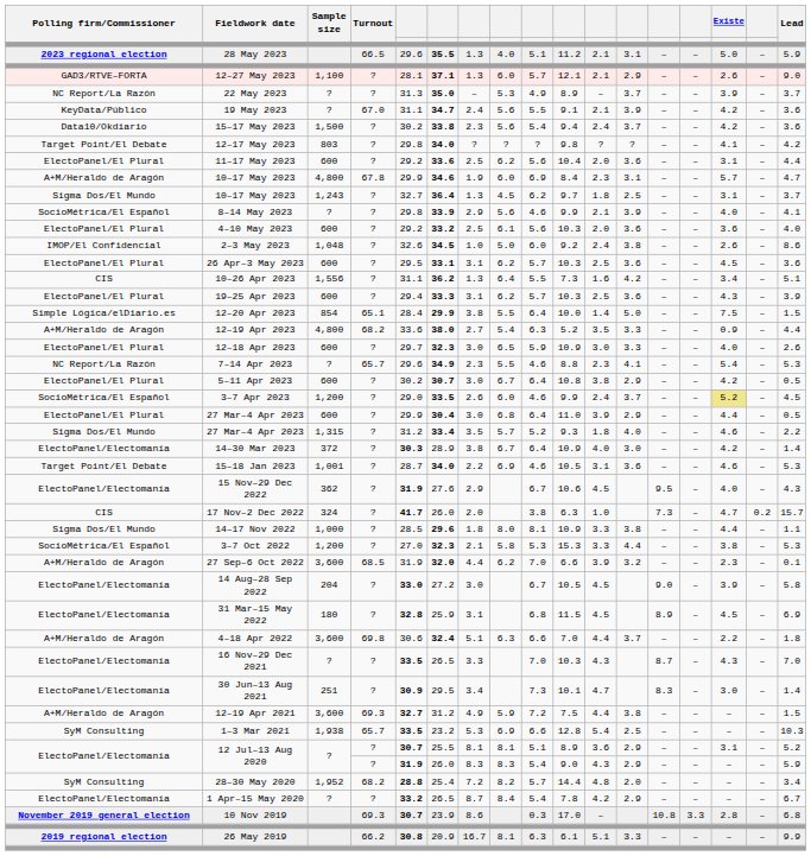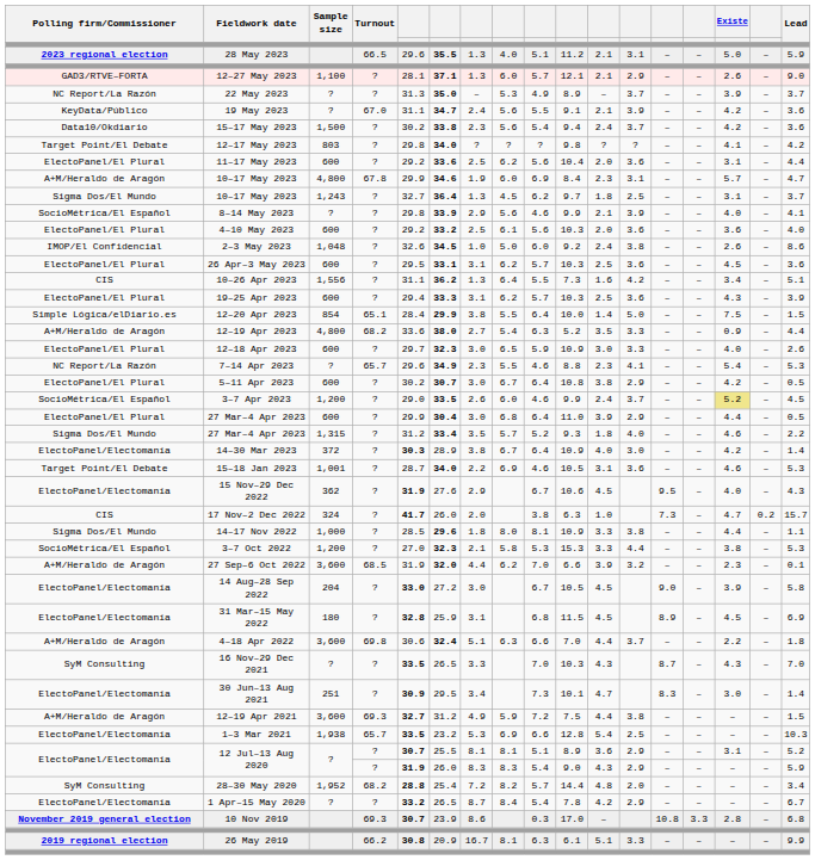 <table class="wikitable collapsible collapsed" style="text-align:center; font-size:95%; line-height:16px;">
 <tr style="height:42px;">
 <th style="width:250px;" rowspan="2">Polling firm/Commissioner</th>
 <th style="width:130px;" rowspan="2">Fieldwork date</th>
 <th style="width:50px;" rowspan="2">Sample size</th>
 <th style="width:45px;" rowspan="2">Turnout</th>
 <th style="width:35px;"></th>
 <th style="width:35px;"></th>
 <th style="width:35px;"></th>
 <th style="width:35px;"></th>
 <th style="width:35px;"></th>
 <th style="width:35px;"></th>
 <th style="width:35px;"></th>
 <th style="width:35px;"></th>
 <th style="width:35px;"></th>
 <th style="width:35px;"></th>
 <th style="width:35px; font-size:90%;"><a href='#'>Existe</a></th>
 <th style="width:35px;"></th>
 <th style="width:30px;" rowspan="2">Lead</th>
 </tr>
 <tr>
 <th style="color:inherit;background:"></th>
 <th style="color:inherit;background:"></th>
 <th style="color:inherit;background:"></th>
 <th style="color:inherit;background:"></th>
 <th style="color:inherit;background:"></th>
 <th style="color:inherit;background:"></th>
 <th style="color:inherit;background:"></th>
 <th style="color:inherit;background:"></th>
 <th style="color:inherit;background:"></th>
 <th style="color:inherit;background:"></th>
 <th style="color:inherit;background:"></th>
 <th style="color:inherit;background:"></th>
 </tr>
 <tr>
 <td colspan="17" style="background:#A0A0A0"></td>
 </tr>
 <tr style="background:#EFEFEF;">
 <td><strong><a href='#'>2023 regional election</a></strong></td>
 <td>28 May 2023</td>
 <td></td>
 <td>66.5</td>
 <td>29.6<br></td>
 <td><strong>35.5</strong><br></td>
 <td>1.3<br></td>
 <td>4.0<br></td>
 <td>5.1<br></td>
 <td>11.2<br></td>
 <td>2.1<br></td>
 <td>3.1<br></td>
 <td>–</td>
 <td>–</td>
 <td>5.0<br></td>
 <td>–</td>
 <td style="background:">5.9</td>
 </tr>
 <tr>
 <td colspan="17" style="background:#A0A0A0"></td>
 </tr>
 <tr style="background:#FFEAEA;">
 <td>GAD3/RTVE–FORTA</td>
 <td>12–27 May 2023</td>
 <td>1,100</td>
 <td>?</td>
 <td>28.1<br></td>
 <td><strong>37.1</strong><br></td>
 <td>1.3<br></td>
 <td>6.0<br></td>
 <td>5.7<br></td>
 <td>12.1<br></td>
 <td>2.1<br></td>
 <td>2.9<br></td>
 <td>–</td>
 <td>–</td>
 <td>2.6<br></td>
 <td>–</td>
 <td style="background:">9.0</td>
 </tr>
 <tr>
 <td>NC Report/La Razón</td>
 <td>22 May 2023</td>
 <td>?</td>
 <td>?</td>
 <td>31.3<br></td>
 <td><strong>35.0</strong><br></td>
 <td>–</td>
 <td>5.3<br></td>
 <td>4.9<br></td>
 <td>8.9<br></td>
 <td>–</td>
 <td>3.7<br></td>
 <td>–</td>
 <td>–</td>
 <td>3.9<br></td>
 <td>–</td>
 <td style="background:">3.7</td>
 </tr>
 <tr>
 <td>KeyData/Público</td>
 <td>19 May 2023</td>
 <td>?</td>
 <td>67.0</td>
 <td>31.1<br></td>
 <td><strong>34.7</strong><br></td>
 <td>2.4<br></td>
 <td>5.6<br></td>
 <td>5.5<br></td>
 <td>9.1<br></td>
 <td>2.1<br></td>
 <td>3.9<br></td>
 <td>–</td>
 <td>–</td>
 <td>4.2<br></td>
 <td>–</td>
 <td style="background:">3.6</td>
 </tr>
 <tr>
 <td>Data10/Okdiario</td>
 <td>15–17 May 2023</td>
 <td>1,500</td>
 <td>?</td>
 <td>30.2<br></td>
 <td><strong>33.8</strong><br></td>
 <td>2.3<br></td>
 <td>5.6<br></td>
 <td>5.4<br></td>
 <td>9.4<br></td>
 <td>2.4<br></td>
 <td>3.7<br></td>
 <td>–</td>
 <td>–</td>
 <td>4.2<br></td>
 <td>–</td>
 <td style="background:">3.6</td>
 </tr>
 <tr>
 <td>Target Point/El Debate</td>
 <td>12–17 May 2023</td>
 <td>803</td>
 <td>?</td>
 <td>29.8<br></td>
 <td><strong>34.0</strong><br></td>
 <td>?<br></td>
 <td>?<br></td>
 <td>?<br></td>
 <td>9.8<br></td>
 <td>?<br></td>
 <td>?<br></td>
 <td>–</td>
 <td>–</td>
 <td>4.1<br></td>
 <td>–</td>
 <td style="background:">4.2</td>
 </tr>
 <tr>
 <td>ElectoPanel/El Plural</td>
 <td>11–17 May 2023</td>
 <td>600</td>
 <td>?</td>
 <td>29.2<br></td>
 <td><strong>33.6</strong><br></td>
 <td>2.5<br></td>
 <td>6.2<br></td>
 <td>5.6<br></td>
 <td>10.4<br></td>
 <td>2.0<br></td>
 <td>3.6<br></td>
 <td>–</td>
 <td>–</td>
 <td>3.1<br></td>
 <td>–</td>
 <td style="background:">4.4</td>
 </tr>
 <tr>
 <td>A+M/Heraldo de Aragón</td>
 <td>10–17 May 2023</td>
 <td>4,800</td>
 <td>67.8</td>
 <td>29.9<br></td>
 <td><strong>34.6</strong><br></td>
 <td>1.9<br></td>
 <td>6.0<br></td>
 <td>6.9<br></td>
 <td>8.4<br></td>
 <td>2.3<br></td>
 <td>3.1<br></td>
 <td>–</td>
 <td>–</td>
 <td>5.7<br></td>
 <td>–</td>
 <td style="background:">4.7</td>
 </tr>
 <tr>
 <td>Sigma Dos/El Mundo</td>
 <td>10–17 May 2023</td>
 <td>1,243</td>
 <td>?</td>
 <td>32.7<br></td>
 <td><strong>36.4</strong><br></td>
 <td>1.3<br></td>
 <td>4.5<br></td>
 <td>6.2<br></td>
 <td>9.7<br></td>
 <td>1.8<br></td>
 <td>2.5<br></td>
 <td>–</td>
 <td>–</td>
 <td>3.1<br></td>
 <td>–</td>
 <td style="background:">3.7</td>
 </tr>
 <tr>
 <td>SocioMétrica/El Español</td>
 <td>8–14 May 2023</td>
 <td>?</td>
 <td>?</td>
 <td>29.8<br></td>
 <td><strong>33.9</strong><br></td>
 <td>2.9<br></td>
 <td>5.6<br></td>
 <td>4.6<br></td>
 <td>9.9<br></td>
 <td>2.1<br></td>
 <td>3.9<br></td>
 <td>–</td>
 <td>–</td>
 <td>4.0<br></td>
 <td>–</td>
 <td style="background:">4.1</td>
 </tr>
 <tr>
 <td>ElectoPanel/El Plural</td>
 <td>4–10 May 2023</td>
 <td>600</td>
 <td>?</td>
 <td>29.2<br></td>
 <td><strong>33.2</strong><br></td>
 <td>2.5<br></td>
 <td>6.1<br></td>
 <td>5.6<br></td>
 <td>10.3<br></td>
 <td>2.0<br></td>
 <td>3.6<br></td>
 <td>–</td>
 <td>–</td>
 <td>3.6<br></td>
 <td>–</td>
 <td style="background:">4.0</td>
 </tr>
 <tr>
 <td>IMOP/El Confidencial</td>
 <td>2–3 May 2023</td>
 <td>1,048</td>
 <td>?</td>
 <td>32.6<br></td>
 <td><strong>34.5</strong><br></td>
 <td>1.0<br></td>
 <td>5.0<br></td>
 <td>6.0<br></td>
 <td>9.2<br></td>
 <td>2.4<br></td>
 <td>3.8<br></td>
 <td>–</td>
 <td>–</td>
 <td>2.6<br></td>
 <td>–</td>
 <td style="background:">8.6</td>
 </tr>
 <tr>
 <td>ElectoPanel/El Plural</td>
 <td>26 Apr–3 May 2023</td>
 <td>600</td>
 <td>?</td>
 <td>29.5<br></td>
 <td><strong>33.1</strong><br></td>
 <td>3.1<br></td>
 <td>6.2<br></td>
 <td>5.7<br></td>
 <td>10.3<br></td>
 <td>2.5<br></td>
 <td>3.6<br></td>
 <td>–</td>
 <td>–</td>
 <td>4.5<br></td>
 <td>–</td>
 <td style="background:">3.6</td>
 </tr>
 <tr>
 <td>CIS</td>
 <td>10–26 Apr 2023</td>
 <td>1,556</td>
 <td>?</td>
 <td>31.1<br></td>
 <td><strong>36.2</strong><br></td>
 <td>1.3<br></td>
 <td>6.4<br></td>
 <td>5.5<br></td>
 <td>7.3<br></td>
 <td>1.6<br></td>
 <td>4.2<br></td>
 <td>–</td>
 <td>–</td>
 <td>3.4<br></td>
 <td>–</td>
 <td style="background:">5.1</td>
 </tr>
 <tr>
 <td>ElectoPanel/El Plural</td>
 <td>19–25 Apr 2023</td>
 <td>600</td>
 <td>?</td>
 <td>29.4<br></td>
 <td><strong>33.3</strong><br></td>
 <td>3.1<br></td>
 <td>6.2<br></td>
 <td>5.7<br></td>
 <td>10.3<br></td>
 <td>2.5<br></td>
 <td>3.6<br></td>
 <td>–</td>
 <td>–</td>
 <td>4.3<br></td>
 <td>–</td>
 <td style="background:">3.9</td>
 </tr>
 <tr>
 <td>Simple Lógica/elDiario.es</td>
 <td>12–20 Apr 2023</td>
 <td>854</td>
 <td>65.1</td>
 <td>28.4<br></td>
 <td><strong>29.9</strong><br></td>
 <td>3.8<br></td>
 <td>5.5<br></td>
 <td>6.4<br></td>
 <td>10.0<br></td>
 <td>1.4<br></td>
 <td>5.0<br></td>
 <td>–</td>
 <td>–</td>
 <td>7.5<br></td>
 <td>–</td>
 <td style="background:">1.5</td>
 </tr>
 <tr>
 <td>A+M/Heraldo de Aragón</td>
 <td>12–19 Apr 2023</td>
 <td>4,800</td>
 <td>68.2</td>
 <td>33.6<br></td>
 <td><strong>38.0</strong><br></td>
 <td>2.7<br></td>
 <td>5.4<br></td>
 <td>6.3<br></td>
 <td>5.2<br></td>
 <td>3.5<br></td>
 <td>3.3<br></td>
 <td>–</td>
 <td>–</td>
 <td>0.9<br></td>
 <td>–</td>
 <td style="background:">4.4</td>
 </tr>
 <tr>
 <td>ElectoPanel/El Plural</td>
 <td>12–18 Apr 2023</td>
 <td>600</td>
 <td>?</td>
 <td>29.7<br></td>
 <td><strong>32.3</strong><br></td>
 <td>3.0<br></td>
 <td>6.5<br></td>
 <td>5.9<br></td>
 <td>10.9<br></td>
 <td>3.0<br></td>
 <td>3.3<br></td>
 <td>–</td>
 <td>–</td>
 <td>4.0<br></td>
 <td>–</td>
 <td style="background:">2.6</td>
 </tr>
 <tr>
 <td>NC Report/La Razón</td>
 <td>7–14 Apr 2023</td>
 <td>?</td>
 <td>65.7</td>
 <td>29.6<br></td>
 <td><strong>34.9</strong><br></td>
 <td>2.3<br></td>
 <td>5.5<br></td>
 <td>4.6<br></td>
 <td>8.8<br></td>
 <td>2.3<br></td>
 <td>4.1<br></td>
 <td>–</td>
 <td>–</td>
 <td>5.4<br></td>
 <td>–</td>
 <td style="background:">5.3</td>
 </tr>
 <tr>
 <td>ElectoPanel/El Plural</td>
 <td>5–11 Apr 2023</td>
 <td>600</td>
 <td>?</td>
 <td>30.2<br></td>
 <td><strong>30.7</strong><br></td>
 <td>3.0<br></td>
 <td>6.7<br></td>
 <td>6.4<br></td>
 <td>10.8<br></td>
 <td>3.8<br></td>
 <td>2.9<br></td>
 <td>–</td>
 <td>–</td>
 <td>4.2<br></td>
 <td>–</td>
 <td style="background:">0.5</td>
 </tr>
 <tr>
 <td>SocioMétrica/El Español</td>
 <td>3–7 Apr 2023</td>
 <td>1,200</td>
 <td>?</td>
 <td>29.0<br></td>
 <td><strong>33.5</strong><br></td>
 <td>2.6<br></td>
 <td>6.0<br></td>
 <td>4.6<br></td>
 <td>9.9<br></td>
 <td>2.4<br></td>
 <td>3.7<br></td>
 <td>–</td>
 <td>–</td>
 <td style="background: khaki;">5.2<br></td>
 <td>–</td>
 <td style="background:">4.5</td>
 </tr>
 <tr>
 <td>ElectoPanel/El Plural</td>
 <td>27 Mar–4 Apr 2023</td>
 <td>600</td>
 <td>?</td>
 <td>29.9<br></td>
 <td><strong>30.4</strong><br></td>
 <td>3.0<br></td>
 <td>6.8<br></td>
 <td>6.4<br></td>
 <td>11.0<br></td>
 <td>3.9<br></td>
 <td>2.9<br></td>
 <td>–</td>
 <td>–</td>
 <td>4.4<br></td>
 <td>–</td>
 <td style="background:">0.5</td>
 </tr>
 <tr>
 <td>Sigma Dos/El Mundo</td>
 <td>27 Mar–4 Apr 2023</td>
 <td>1,315</td>
 <td>?</td>
 <td>31.2<br></td>
 <td><strong>33.4</strong><br></td>
 <td>3.5<br></td>
 <td>5.7<br></td>
 <td>5.2<br></td>
 <td>9.3<br></td>
 <td>1.8<br></td>
 <td>4.0<br></td>
 <td>–</td>
 <td>–</td>
 <td>4.6<br></td>
 <td>–</td>
 <td style="background:">2.2</td>
 </tr>
 <tr>
 <td>ElectoPanel/Electomanía</td>
 <td>14–30 Mar 2023</td>
 <td>372</td>
 <td>?</td>
 <td><strong>30.3</strong><br></td>
 <td>28.9<br></td>
 <td>3.8<br></td>
 <td>6.7<br></td>
 <td>6.4<br></td>
 <td>10.9<br></td>
 <td>4.0<br></td>
 <td>3.0<br></td>
 <td>–</td>
 <td>–</td>
 <td>4.2<br></td>
 <td>–</td>
 <td style="background:">1.4</td>
 </tr>
 <tr>
 <td>Target Point/El Debate</td>
 <td>15–18 Jan 2023</td>
 <td>1,001</td>
 <td>?</td>
 <td>28.7<br></td>
 <td><strong>34.0</strong><br></td>
 <td>2.2<br></td>
 <td>6.9<br></td>
 <td>4.6<br></td>
 <td>10.5<br></td>
 <td>3.1<br></td>
 <td>3.6<br></td>
 <td>–</td>
 <td>–</td>
 <td>4.6<br></td>
 <td>–</td>
 <td style="background:">5.3</td>
 </tr>
 <tr>
 <td>ElectoPanel/Electomanía</td>
 <td>15 Nov–29 Dec 2022</td>
 <td>362</td>
 <td>?</td>
 <td><strong>31.9</strong><br></td>
 <td>27.6<br></td>
 <td>2.9<br></td>
 <td></td>
 <td>6.7<br></td>
 <td>10.6<br></td>
 <td>4.5<br></td>
 <td></td>
 <td>9.5<br></td>
 <td>–</td>
 <td>4.0<br></td>
 <td>–</td>
 <td style="background:">4.3</td>
 </tr>
 <tr>
 <td>CIS</td>
 <td>17 Nov–2 Dec 2022</td>
 <td>324</td>
 <td>?</td>
 <td><strong>41.7</strong><br></td>
 <td>26.0<br></td>
 <td>2.0<br></td>
 <td></td>
 <td>3.8<br></td>
 <td>6.3<br></td>
 <td>1.0<br></td>
 <td></td>
 <td>7.3<br></td>
 <td>–</td>
 <td>4.7<br></td>
 <td>0.2<br></td>
 <td style="background:">15.7</td>
 </tr>
 <tr>
 <td>Sigma Dos/El Mundo</td>
 <td>14–17 Nov 2022</td>
 <td>1,000</td>
 <td>?</td>
 <td>28.5<br></td>
 <td><strong>29.6</strong><br></td>
 <td>1.8<br></td>
 <td>8.0<br></td>
 <td>8.1<br></td>
 <td>10.9<br></td>
 <td>3.3<br></td>
 <td>3.8<br></td>
 <td>–</td>
 <td>–</td>
 <td>4.4<br></td>
 <td>–</td>
 <td style="background:">1.1</td>
 </tr>
 <tr>
 <td>SocioMétrica/El Español</td>
 <td>3–7 Oct 2022</td>
 <td>1,200</td>
 <td>?</td>
 <td>27.0<br></td>
 <td><strong>32.3</strong><br></td>
 <td>2.1<br></td>
 <td>5.8<br></td>
 <td>5.3<br></td>
 <td>15.3<br></td>
 <td>3.3<br></td>
 <td>4.4<br></td>
 <td>–</td>
 <td>–</td>
 <td>3.8<br></td>
 <td>–</td>
 <td style="background:">5.3</td>
 </tr>
 <tr>
 <td>A+M/Heraldo de Aragón</td>
 <td>27 Sep–6 Oct 2022</td>
 <td>3,600</td>
 <td>68.5</td>
 <td>31.9<br></td>
 <td><strong>32.0</strong><br></td>
 <td>4.4<br></td>
 <td>6.2<br></td>
 <td>7.0<br></td>
 <td>6.6<br></td>
 <td>3.9<br></td>
 <td>3.2<br></td>
 <td>–</td>
 <td>–</td>
 <td>2.3<br></td>
 <td>–</td>
 <td style="background:">0.1</td>
 </tr>
 <tr>
 <td>ElectoPanel/Electomanía</td>
 <td>14 Aug–28 Sep 2022</td>
 <td>204</td>
 <td>?</td>
 <td><strong>33.0</strong><br></td>
 <td>27.2<br></td>
 <td>3.0<br></td>
 <td></td>
 <td>6.7<br></td>
 <td>10.5<br></td>
 <td>4.5<br></td>
 <td></td>
 <td>9.0<br></td>
 <td>–</td>
 <td>3.9<br></td>
 <td>–</td>
 <td style="background:">5.8</td>
 </tr>
 <tr>
 <td>ElectoPanel/Electomanía</td>
 <td>31 Mar–15 May 2022</td>
 <td>180</td>
 <td>?</td>
 <td><strong>32.8</strong><br></td>
 <td>25.9<br></td>
 <td>3.1<br></td>
 <td></td>
 <td>6.8<br></td>
 <td>11.5<br></td>
 <td>4.5<br></td>
 <td></td>
 <td>8.9<br></td>
 <td>–</td>
 <td>4.5<br></td>
 <td>–</td>
 <td style="background:">6.9</td>
 </tr>
 <tr>
 <td>A+M/Heraldo de Aragón</td>
 <td>4–18 Apr 2022</td>
 <td>3,600</td>
 <td>69.8</td>
 <td>30.6<br></td>
 <td><strong>32.4</strong><br></td>
 <td>5.1<br></td>
 <td>6.3<br></td>
 <td>6.6<br></td>
 <td>7.0<br></td>
 <td>4.4<br></td>
 <td>3.7<br></td>
 <td>–</td>
 <td>–</td>
 <td>2.2<br></td>
 <td>–</td>
 <td style="background:">1.8</td>
 </tr>
 <tr>
-<td>ElectoPanel/Electomanía</td>
+<td>SyM Consulting</td>
 <td>16 Nov–29 Dec 2021</td>
 <td>?</td>
 <td>?</td>
 <td><strong>33.5</strong><br></td>
 <td>26.5<br></td>
 <td>3.3<br></td>
 <td></td>
 <td>7.0<br></td>
 <td>10.3<br></td>
 <td>4.3<br></td>
 <td></td>
 <td>8.7<br></td>
 <td>–</td>
 <td>4.3<br></td>
 <td>–</td>
 <td style="background:">7.0</td>
 </tr>
 <tr>
 <td>ElectoPanel/Electomanía</td>
 <td>30 Jun–13 Aug 2021</td>
 <td>251</td>
 <td>?</td>
 <td><strong>30.9</strong><br></td>
 <td>29.5<br></td>
 <td>3.4<br></td>
 <td></td>
 <td>7.3<br></td>
 <td>10.1<br></td>
 <td>4.7<br></td>
 <td></td>
 <td>8.3<br></td>
 <td>–</td>
 <td>3.0<br></td>
 <td>–</td>
 <td style="background:">1.4</td>
 </tr>
 <tr>
 <td>A+M/Heraldo de Aragón</td>
 <td>12–19 Apr 2021</td>
 <td>3,600</td>
 <td>69.3</td>
 <td><strong>32.7</strong><br></td>
 <td>31.2<br></td>
 <td>4.9<br></td>
 <td>5.9<br></td>
 <td>7.2<br></td>
 <td>7.5<br></td>
 <td>4.4<br></td>
 <td>3.8<br></td>
 <td>–</td>
 <td>–</td>
 <td>–</td>
 <td>–</td>
 <td style="background:">1.5</td>
 </tr>
 <tr>
-<td>SyM Consulting</td>
+<td>ElectoPanel/Electomanía</td>
 <td>1–3 Mar 2021</td>
 <td>1,938</td>
 <td>65.7</td>
 <td><strong>33.5</strong><br></td>
 <td>23.2<br></td>
 <td>5.3<br></td>
 <td>6.9<br></td>
 <td>6.6<br></td>
 <td>12.8<br></td>
 <td>5.4<br></td>
 <td>2.5<br></td>
 <td>–</td>
 <td>–</td>
 <td>–</td>
 <td>–</td>
 <td style="background:">10.3</td>
 </tr>
 <tr>
 <td rowspan="2">ElectoPanel/Electomanía</td>
 <td rowspan="2">12 Jul–13 Aug 2020</td>
 <td rowspan="2">?</td>
 <td>?</td>
 <td><strong>30.7</strong><br></td>
 <td>25.5<br></td>
 <td>8.1<br></td>
 <td>8.1<br></td>
 <td>5.1<br></td>
 <td>8.9<br></td>
 <td>3.6<br></td>
 <td>2.9<br></td>
 <td>–</td>
 <td>–</td>
 <td>3.1<br></td>
 <td>–</td>
 <td style="background:">5.2</td>
 </tr>
 <tr>
 <td>?</td>
 <td><strong>31.9</strong><br></td>
 <td>26.0<br></td>
 <td>8.3<br></td>
 <td>8.3<br></td>
 <td>5.4<br></td>
 <td>9.0<br></td>
 <td>4.3<br></td>
 <td>2.9<br></td>
 <td>–</td>
 <td>–</td>
 <td>–</td>
 <td>–</td>
 <td style="background:">5.9</td>
 </tr>
 <tr>
 <td>SyM Consulting</td>
 <td>28–30 May 2020</td>
 <td>1,952</td>
 <td>68.2</td>
 <td><strong>28.8</strong><br></td>
 <td>25.4<br></td>
 <td>7.2<br></td>
 <td>8.2<br></td>
 <td>5.7<br></td>
 <td>14.4<br></td>
 <td>4.8<br></td>
 <td>2.0<br></td>
 <td>–</td>
 <td>–</td>
 <td>–</td>
 <td>–</td>
 <td style="background:">3.4</td>
 </tr>
 <tr>
 <td>ElectoPanel/Electomanía</td>
 <td>1 Apr–15 May 2020</td>
 <td>?</td>
 <td>?</td>
 <td><strong>33.2</strong><br></td>
 <td>26.5<br></td>
 <td>8.7<br></td>
 <td>8.4<br></td>
 <td>5.4<br></td>
 <td>7.8<br></td>
 <td>4.2<br></td>
 <td>2.9<br></td>
 <td>–</td>
 <td>–</td>
 <td>–</td>
 <td>–</td>
 <td style="background:">6.7</td>
 </tr>
 <tr style="background:#EFEFEF;">
 <td><strong><a href='#'>November 2019 general election</a></strong></td>
 <td>10 Nov 2019</td>
 <td></td>
 <td>69.3</td>
 <td><strong>30.7</strong><br></td>
 <td>23.9<br></td>
 <td>8.6<br></td>
 <td></td>
 <td>0.3<br></td>
 <td>17.0<br></td>
 <td>–</td>
 <td></td>
 <td>10.8<br></td>
 <td>3.3<br></td>
 <td>2.8<br></td>
 <td>–</td>
 <td style="background:">6.8</td>
 </tr>
 <tr>
 <td colspan="17" style="background:#A0A0A0"></td>
 </tr>
 <tr style="background:#EFEFEF;">
 <td><strong><a href='#'>2019 regional election</a></strong></td>
 <td>26 May 2019</td>
 <td></td>
 <td>66.2</td>
 <td><strong>30.8</strong><br></td>
 <td>20.9<br></td>
 <td>16.7<br></td>
 <td>8.1<br></td>
 <td>6.3<br></td>
 <td>6.1<br></td>
 <td>5.1<br></td>
 <td>3.3<br></td>
 <td>–</td>
 <td>–</td>
 <td>–</td>
 <td>–</td>
 <td style="background:">9.9</td>
 </tr>
 <tr>
 <td colspan="17" style="background:#A0A0A0"></td>
 </tr>
 </table>
